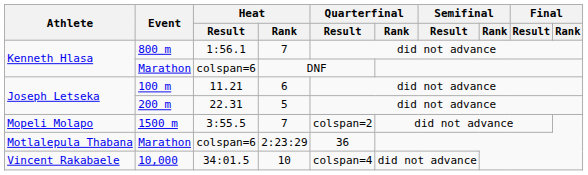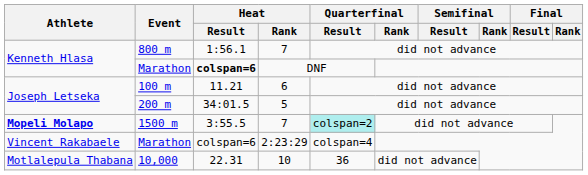 <table class="wikitable" style="font-size:90%">
 <tr>
 <th rowspan="2">Athlete</th>
 <th rowspan="2">Event</th>
 <th colspan="2">Heat</th>
 <th colspan="2">Quarterfinal</th>
 <th colspan="2">Semifinal</th>
 <th colspan="2">Final</th>
 </tr>
 <tr style="font-size:95%">
 <th>Result</th>
 <th>Rank</th>
 <th>Result</th>
 <th>Rank</th>
 <th>Result</th>
 <th>Rank</th>
 <th>Result</th>
 <th>Rank</th>
 </tr>
 <tr align=center>
 <td style="text-align:left;" rowspan="2"><a href='#'>Kenneth Hlasa</a></td>
 <td align=left><a href='#'>800 m</a></td>
 <td>1:56.1</td>
 <td>7</td>
 <td colspan=6>did not advance</td>
 </tr>
 <tr align=center>
 <td align=left><a href='#'>Marathon</a></td>
-<td>colspan=6 </td>
+<td><strong>colspan=6 </strong></td>
 <td colspan=2>DNF</td>
 </tr>
 <tr align=center>
 <td style="text-align:left;" rowspan="2"><a href='#'>Joseph Letseka</a></td>
 <td align=left><a href='#'>100 m</a></td>
 <td>11.21</td>
 <td>6</td>
 <td colspan=6>did not advance</td>
 </tr>
 <tr align=center>
 <td align=left><a href='#'>200 m</a></td>
-<td>22.31</td>
+<td>34:01.5</td>
 <td>5</td>
 <td colspan=6>did not advance</td>
 </tr>
 <tr align=center>
-<td align=left><a href='#'>Mopeli Molapo</a></td>
+<td align=left><strong><a href='#'>Mopeli Molapo</a></strong></td>
 <td align=left><a href='#'>1500 m</a></td>
 <td>3:55.5</td>
 <td>7</td>
-<td>colspan=2 </td>
+<td style="background: paleturquoise;">colspan=2 </td>
 <td colspan=4>did not advance</td>
 </tr>
 <tr align=center>
-<td style="text-align:left;"><a href='#'>Motlalepula Thabana</a></td>
+<td align=left><a href='#'>Vincent Rakabaele</a></td>
 <td align=left><a href='#'>Marathon</a></td>
 <td>colspan=6 </td>
 <td>2:23:29</td>
-<td>36</td>
+<td>colspan=4 </td>
 </tr>
 <tr align=center>
-<td align=left><a href='#'>Vincent Rakabaele</a></td>
+<td style="text-align:left;"><a href='#'>Motlalepula Thabana</a></td>
 <td align=left><a href='#'>10,000</a></td>
-<td>34:01.5</td>
+<td>22.31</td>
 <td>10</td>
-<td>colspan=4 </td>
+<td>36</td>
 <td colspan=2>did not advance</td>
 </tr>
 </table>
